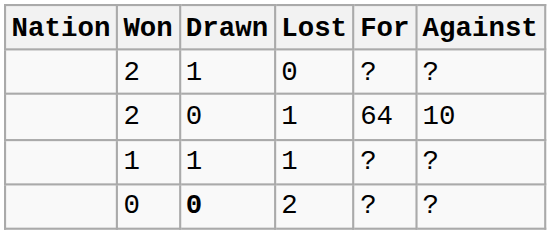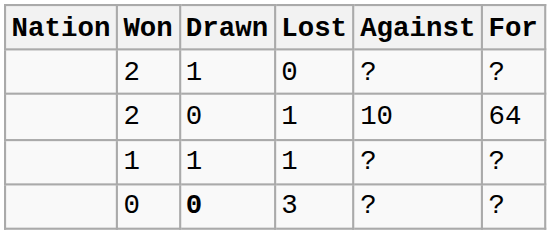 <table class="wikitable">
 <tr>
 <th>Nation</th>
 <th>Won</th>
 <th>Drawn</th>
 <th>Lost</th>
+<th>Against</th>
 <th>For</th>
-<th>Against</th>
 </tr>
 <tr>
 <td></td>
 <td>2</td>
 <td>1</td>
 <td>0</td>
 <td>?</td>
 <td>?</td>
 </tr>
 <tr>
 <td></td>
 <td>2</td>
 <td>0</td>
 <td>1</td>
+<td>10</td>
 <td>64</td>
-<td>10</td>
 </tr>
 <tr>
 <td></td>
 <td>1</td>
 <td>1</td>
 <td>1</td>
 <td>?</td>
 <td>?</td>
 </tr>
 <tr>
 <td></td>
 <td>0</td>
 <td><strong>0</strong></td>
-<td>2</td>
+<td>3</td>
 <td>?</td>
 <td>?</td>
 </tr>
 </table>
